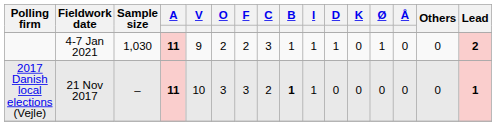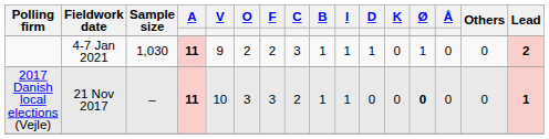 <table class="wikitable sortable mw-datatable" style="text-align:center;font-size:90%;line-height:14px;">
 <tr>
 <th rowspan="2">Polling<br>firm</th>
 <th rowspan="2">Fieldwork<br>date</th>
 <th rowspan="2">Sample<br>size</th>
 <th class="unsortable" style="width:40px;"><a href='#'>A</a></th>
 <th class="unsortable" style="width:40px;"><a href='#'>V</a></th>
 <th class="unsortable" style="width:40px;"><a href='#'>O</a></th>
 <th class="unsortable" style="width:40px;"><a href='#'>F</a></th>
 <th class="unsortable" style="width:40px;"><a href='#'>C</a></th>
 <th class="unsortable" style="width:40px;"><a href='#'>B</a></th>
 <th class="unsortable" style="width:40px;"><a href='#'>I</a></th>
 <th class="unsortable" style="width:40px;"><a href='#'>D</a></th>
 <th class="unsortable" style="width:40px;"><a href='#'>K</a></th>
 <th class="unsortable" style="width:40px;"><a href='#'>Ø</a></th>
 <th class="unsortable" style="width:40px;"><a href='#'>Å</a></th>
 <th class="unsortable" style="width:40px;" rowspan="2">Others</th>
 <th rowspan="2">Lead</th>
 </tr>
 <tr>
 <th data-sort-type="number" style="background:"></th>
 <th data-sort-type="number" style="background:"></th>
 <th data-sort-type="number" style="background:"></th>
 <th data-sort-type="number" style="background:"></th>
 <th data-sort-type="number" style="background:"></th>
 <th data-sort-type="number" style="background:"></th>
 <th data-sort-type="number" style="background:"></th>
 <th data-sort-type="number" style="background:"></th>
 <th data-sort-type="number" style="background:"></th>
 <th data-sort-type="number" style="background:"></th>
 <th data-sort-type="number" style="background:"></th>
 </tr>
 <tr>
 </tr>
 <tr>
 <td></td>
 <td>4-7 Jan 2021</td>
 <td>1,030</td>
 <td style="background:#FACECD;"><strong>11</strong></td>
 <td>9</td>
 <td>2</td>
 <td>2</td>
 <td>3</td>
 <td>1</td>
 <td>1</td>
 <td>1</td>
 <td>0</td>
 <td>1</td>
 <td>0</td>
 <td>0</td>
 <td style="background:#FACECD;"><strong>2</strong></td>
 </tr>
 <tr>
 </tr>
 <tr>
 <td style="background:#E9E9E9;"><a href='#'>2017 Danish local elections</a> (Vejle)</td>
 <td style="background:#E9E9E9;" data-sort-value="2017-11-21">21 Nov 2017</td>
 <td style="background:#E9E9E9;">–</td>
 <td style="background:#FACECD;"><strong>11</strong></td>
 <td style="background:#E9E9E9;">10</td>
 <td style="background:#E9E9E9;">3</td>
 <td style="background:#E9E9E9;">3</td>
 <td style="background:#E9E9E9;">2</td>
-<td style="background:#E9E9E9;"><strong>1</strong></td>
+<td style="background:#E9E9E9;">1</td>
 <td style="background:#E9E9E9;">1</td>
 <td style="background:#E9E9E9;">0</td>
 <td style="background:#E9E9E9;">0</td>
-<td style="background:#E9E9E9;">0</td>
+<td style="background:#E9E9E9;"><strong>0</strong></td>
 <td style="background:#E9E9E9;">0</td>
 <td style="background:#E9E9E9;">0</td>
 <td style="background:#FACECD;"><strong>1</strong></td>
 </tr>
 <tr>
 </tr>
 </table>
